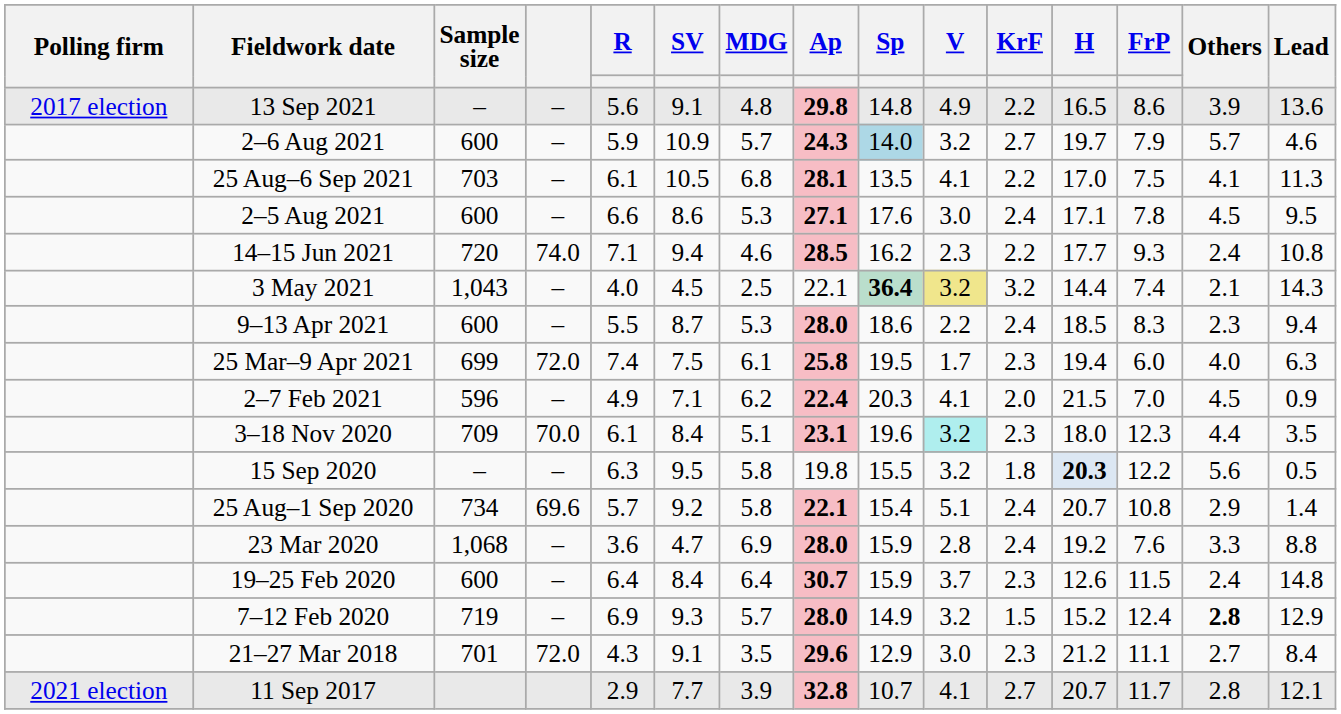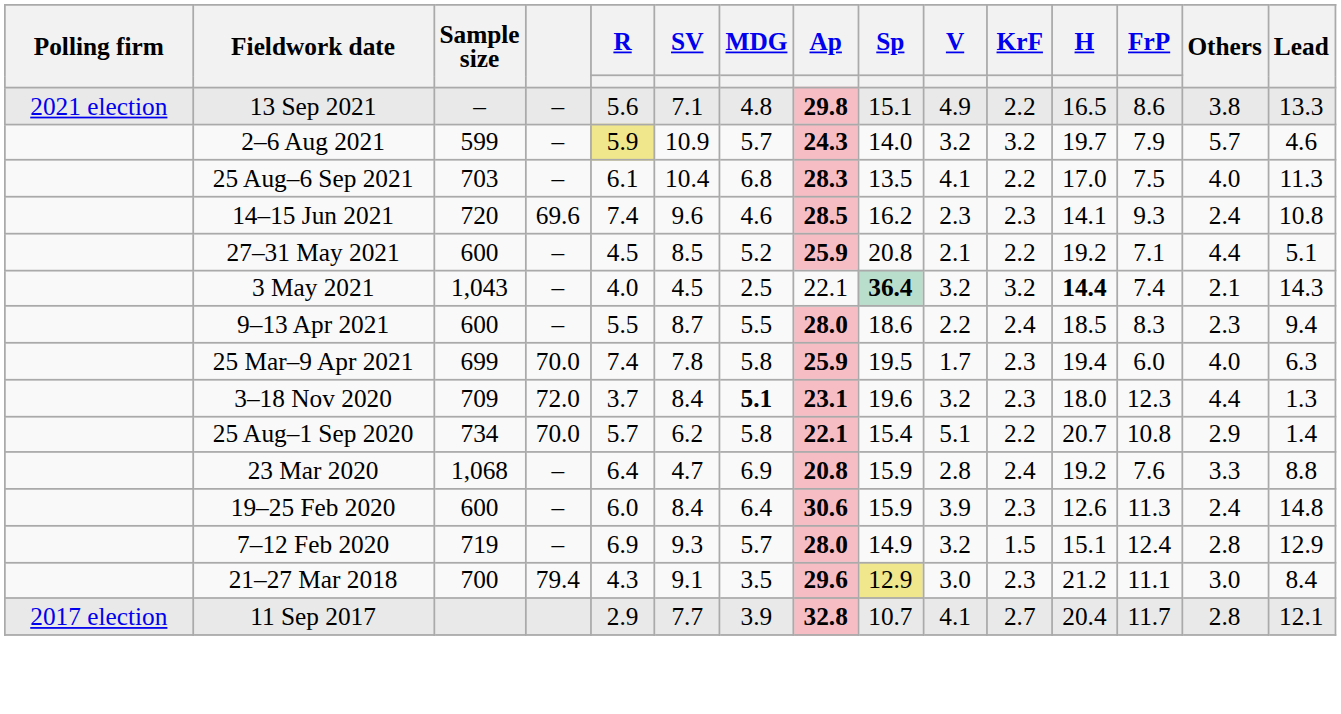 <table class="wikitable mw-collapsible sortable" style="text-align:center;font-size:90%;line-height:14px;">
 <tr style="height:40px;">
 <th rowspan="2" style="width:100px;">Polling firm</th>
 <th rowspan="2" style="width:130px;">Fieldwork date</th>
 <th rowspan="2" style="width:35px;">Sample<br>size</th>
 <th rowspan="2" style="width:30px;"></th>
 <th class="unsortable" style="width:30px;"><a href='#'>R</a></th>
 <th class="unsortable" style="width:30px;"><a href='#'>SV</a></th>
 <th class="unsortable" style="width:30px;"><a href='#'>MDG</a></th>
 <th class="unsortable" style="width:30px;"><a href='#'>Ap</a></th>
 <th class="unsortable" style="width:30px;"><a href='#'>Sp</a></th>
 <th class="unsortable" style="width:30px;"><a href='#'>V</a></th>
 <th class="unsortable" style="width:30px;"><a href='#'>KrF</a></th>
 <th class="unsortable" style="width:30px;"><a href='#'>H</a></th>
 <th class="unsortable" style="width:30px;"><a href='#'>FrP</a></th>
 <th class="unsortable" style="width:20px;" rowspan="2">Others</th>
 <th rowspan="2" style="width:30px;">Lead</th>
 </tr>
 <tr>
 <th style="background:"></th>
 <th style="background:"></th>
 <th style="background:"></th>
 <th style="background:"></th>
 <th style="background:"></th>
 <th style="background:"></th>
 <th style="background:"></th>
 <th style="background:"></th>
 <th style="background:"></th>
 </tr>
 <tr style="background:#E9E9E9;">
-<td><a href='#'>2017 election</a></td>
+<td><a href='#'>2021 election</a></td>
 <td>13 Sep 2021</td>
 <td>–</td>
 <td>–</td>
 <td>5.6</td>
-<td>9.1</td>
+<td>7.1</td>
 <td>4.8</td>
 <td style="background:#F7BDC5;"><strong>29.8</strong></td>
-<td>14.8</td>
+<td>15.1</td>
 <td>4.9</td>
 <td>2.2</td>
 <td>16.5</td>
 <td>8.6</td>
-<td>3.9</td>
-<td style="background:">13.6</td>
+<td>3.8</td>
+<td style="background:">13.3</td>
 </tr>
 <tr>
 <td></td>
 <td>2–6 Aug 2021</td>
-<td>600</td>
+<td>599</td>
 <td>–</td>
-<td>5.9</td>
+<td style="background: khaki;">5.9</td>
 <td>10.9</td>
 <td>5.7</td>
 <td style="background:#F7BDC5;"><strong>24.3</strong></td>
-<td style="background: lightblue;">14.0</td>
+<td>14.0</td>
 <td>3.2</td>
-<td>2.7</td>
+<td>3.2</td>
 <td>19.7</td>
 <td>7.9</td>
 <td>5.7</td>
 <td style="background:">4.6</td>
 </tr>
 <tr>
 <td></td>
 <td>25 Aug–6 Sep 2021</td>
 <td>703</td>
 <td>–</td>
 <td>6.1</td>
-<td>10.5</td>
+<td>10.4</td>
 <td>6.8</td>
-<td style="background:#F7BDC5;"><strong>28.1</strong></td>
+<td style="background:#F7BDC5;"><strong>28.3</strong></td>
 <td>13.5</td>
 <td>4.1</td>
 <td>2.2</td>
 <td>17.0</td>
 <td>7.5</td>
-<td>4.1</td>
+<td>4.0</td>
 <td style="background:">11.3</td>
-</tr>
-<tr>
-<td></td>
-<td>2–5 Aug 2021</td>
-<td>600</td>
-<td>–</td>
-<td>6.6</td>
-<td>8.6</td>
-<td>5.3</td>
-<td style="background:#F7BDC5;"><strong>27.1</strong></td>
-<td>17.6</td>
-<td>3.0</td>
-<td>2.4</td>
-<td>17.1</td>
-<td>7.8</td>
-<td>4.5</td>
-<td style="background:">9.5</td>
 </tr>
 <tr>
 <td></td>
 <td>14–15 Jun 2021</td>
 <td>720</td>
-<td>74.0</td>
-<td>7.1</td>
-<td>9.4</td>
+<td>69.6</td>
+<td>7.4</td>
+<td>9.6</td>
 <td>4.6</td>
 <td style="background:#F7BDC5;"><strong>28.5</strong></td>
 <td>16.2</td>
 <td>2.3</td>
-<td>2.2</td>
-<td>17.7</td>
+<td>2.3</td>
+<td>14.1</td>
 <td>9.3</td>
 <td>2.4</td>
 <td style="background:">10.8</td>
+</tr>
+<tr>
+<td></td>
+<td>27–31 May 2021</td>
+<td>600</td>
+<td>–</td>
+<td>4.5</td>
+<td>8.5</td>
+<td>5.2</td>
+<td style="background:#F7BDC5;"><strong>25.9</strong></td>
+<td>20.8</td>
+<td>2.1</td>
+<td>2.2</td>
+<td>19.2</td>
+<td>7.1</td>
+<td>4.4</td>
+<td style="background:">5.1</td>
 </tr>
 <tr>
 <td></td>
 <td>3 May 2021</td>
 <td>1,043</td>
 <td>–</td>
 <td>4.0</td>
 <td>4.5</td>
 <td>2.5</td>
 <td>22.1</td>
 <td style="background:#BADECC;"><strong>36.4</strong></td>
-<td style="background: khaki;">3.2</td>
 <td>3.2</td>
-<td>14.4</td>
+<td>3.2</td>
+<td><strong>14.4</strong></td>
 <td>7.4</td>
 <td>2.1</td>
 <td style="background:">14.3</td>
 </tr>
 <tr>
 <td></td>
 <td>9–13 Apr 2021</td>
 <td>600</td>
 <td>–</td>
 <td>5.5</td>
 <td>8.7</td>
-<td>5.3</td>
+<td>5.5</td>
 <td style="background:#F7BDC5;"><strong>28.0</strong></td>
 <td>18.6</td>
 <td>2.2</td>
 <td>2.4</td>
 <td>18.5</td>
 <td>8.3</td>
 <td>2.3</td>
 <td style="background:">9.4</td>
 </tr>
 <tr>
 <td></td>
 <td>25 Mar–9 Apr 2021</td>
 <td>699</td>
-<td>72.0</td>
+<td>70.0</td>
 <td>7.4</td>
-<td>7.5</td>
-<td>6.1</td>
-<td style="background:#F7BDC5;"><strong>25.8</strong></td>
+<td>7.8</td>
+<td>5.8</td>
+<td style="background:#F7BDC5;"><strong>25.9</strong></td>
 <td>19.5</td>
 <td>1.7</td>
 <td>2.3</td>
 <td>19.4</td>
 <td>6.0</td>
 <td>4.0</td>
 <td style="background:">6.3</td>
 </tr>
 <tr>
 <td></td>
-<td>2–7 Feb 2021</td>
-<td>596</td>
-<td>–</td>
-<td>4.9</td>
-<td>7.1</td>
-<td>6.2</td>
-<td style="background:#F7BDC5;"><strong>22.4</strong></td>
-<td>20.3</td>
-<td>4.1</td>
-<td>2.0</td>
-<td>21.5</td>
-<td>7.0</td>
-<td>4.5</td>
-<td style="background:">0.9</td>
-</tr>
-<tr>
-<td></td>
 <td>3–18 Nov 2020</td>
 <td>709</td>
-<td>70.0</td>
-<td>6.1</td>
+<td>72.0</td>
+<td>3.7</td>
 <td>8.4</td>
-<td>5.1</td>
+<td><strong>5.1</strong></td>
 <td style="background:#F7BDC5;"><strong>23.1</strong></td>
 <td>19.6</td>
-<td style="background: paleturquoise;">3.2</td>
+<td>3.2</td>
 <td>2.3</td>
 <td>18.0</td>
 <td>12.3</td>
 <td>4.4</td>
-<td style="background:">3.5</td>
-</tr>
-<tr>
-<td></td>
-<td>15 Sep 2020</td>
-<td>–</td>
-<td>–</td>
-<td>6.3</td>
-<td>9.5</td>
-<td>5.8</td>
-<td>19.8</td>
-<td>15.5</td>
-<td>3.2</td>
-<td>1.8</td>
-<td style="background:#DCE7F3;"><strong>20.3</strong></td>
-<td>12.2</td>
-<td>5.6</td>
-<td style="background:">0.5</td>
+<td style="background:">1.3</td>
 </tr>
 <tr>
 <td></td>
 <td>25 Aug–1 Sep 2020</td>
 <td>734</td>
-<td>69.6</td>
+<td>70.0</td>
 <td>5.7</td>
-<td>9.2</td>
+<td>6.2</td>
 <td>5.8</td>
 <td style="background:#F7BDC5;"><strong>22.1</strong></td>
 <td>15.4</td>
 <td>5.1</td>
-<td>2.4</td>
+<td>2.2</td>
 <td>20.7</td>
 <td>10.8</td>
 <td>2.9</td>
 <td style="background:">1.4</td>
 </tr>
 <tr>
 <td></td>
 <td data-sort-value="2017-12-20">23 Mar 2020</td>
 <td>1,068</td>
 <td>–</td>
-<td>3.6</td>
+<td>6.4</td>
 <td>4.7</td>
 <td>6.9</td>
-<td style="background:#F7BDC5;"><strong>28.0</strong></td>
+<td style="background:#F7BDC5;"><strong>20.8</strong></td>
 <td>15.9</td>
 <td>2.8</td>
 <td>2.4</td>
 <td>19.2</td>
 <td>7.6</td>
 <td>3.3</td>
 <td style="background:">8.8</td>
 </tr>
 <tr>
 <td></td>
 <td>19–25 Feb 2020</td>
 <td>600</td>
 <td>–</td>
-<td>6.4</td>
+<td>6.0</td>
 <td>8.4</td>
 <td>6.4</td>
-<td style="background:#F7BDC5;"><strong>30.7</strong></td>
+<td style="background:#F7BDC5;"><strong>30.6</strong></td>
 <td>15.9</td>
-<td>3.7</td>
+<td>3.9</td>
 <td>2.3</td>
 <td>12.6</td>
-<td>11.5</td>
+<td>11.3</td>
 <td>2.4</td>
 <td style="background:">14.8</td>
 </tr>
 <tr>
 <td></td>
 <td>7–12 Feb 2020</td>
 <td>719</td>
 <td>–</td>
 <td>6.9</td>
 <td>9.3</td>
 <td>5.7</td>
 <td style="background:#F7BDC5;"><strong>28.0</strong></td>
 <td>14.9</td>
 <td>3.2</td>
 <td>1.5</td>
-<td>15.2</td>
+<td>15.1</td>
 <td>12.4</td>
-<td><strong>2.8</strong></td>
+<td>2.8</td>
 <td style="background:">12.9</td>
 </tr>
 <tr>
 <td></td>
 <td>21–27 Mar 2018</td>
-<td>701</td>
-<td>72.0</td>
+<td>700</td>
+<td>79.4</td>
 <td>4.3</td>
 <td>9.1</td>
 <td>3.5</td>
 <td style="background:#F7BDC5;"><strong>29.6</strong></td>
-<td>12.9</td>
+<td style="background: khaki;">12.9</td>
 <td>3.0</td>
 <td>2.3</td>
 <td>21.2</td>
 <td>11.1</td>
-<td>2.7</td>
+<td>3.0</td>
 <td style="background:">8.4</td>
 </tr>
 <tr style="background:#E9E9E9;">
-<td><a href='#'>2021 election</a></td>
+<td><a href='#'>2017 election</a></td>
 <td>11 Sep 2017</td>
 <td></td>
 <td></td>
 <td>2.9</td>
 <td>7.7</td>
 <td>3.9</td>
 <td style="background:#F7BDC5;"><strong>32.8</strong></td>
 <td>10.7</td>
 <td>4.1</td>
 <td>2.7</td>
-<td>20.7</td>
+<td>20.4</td>
 <td>11.7</td>
 <td>2.8</td>
 <td style="background:">12.1</td>
 </tr>
 </table>
